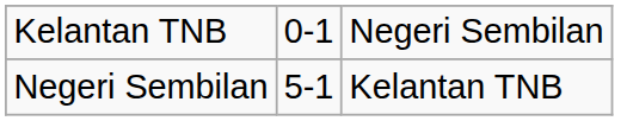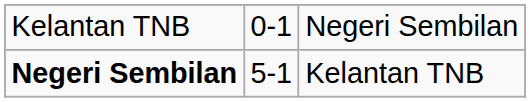 <table class="wikitable">
 <tr>
 <td>Kelantan TNB</td>
 <td>0-1</td>
 <td>Negeri Sembilan</td>
 </tr>
 <tr>
-<td>Negeri Sembilan</td>
+<td><strong>Negeri Sembilan</strong></td>
 <td>5-1</td>
 <td>Kelantan TNB</td>
 </tr>
 </table>
